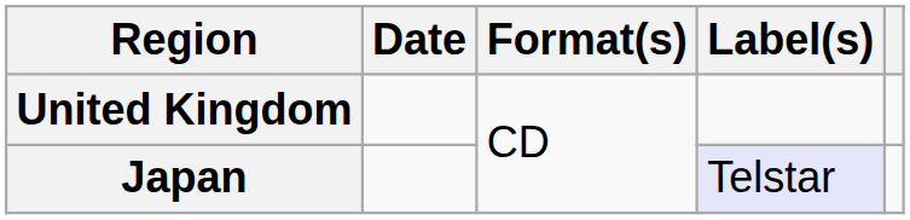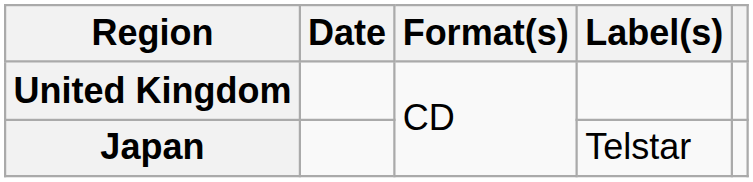 <table class="wikitable plainrowheaders">
 <tr>
 <th scope="col">Region</th>
 <th scope="col">Date</th>
 <th scope="col">Format(s)</th>
 <th scope="col">Label(s)</th>
 <th scope="col"></th>
 </tr>
 <tr>
 <th scope="row">United Kingdom</th>
 <td></td>
 <td rowspan="2">CD</td>
 <td></td>
 <td align="center"></td>
 </tr>
 <tr>
 <th scope="row">Japan</th>
 <td></td>
-<td style="background: lavender;">Telstar</td>
+<td>Telstar</td>
 <td align="center"></td>
 </tr>
 </table>
